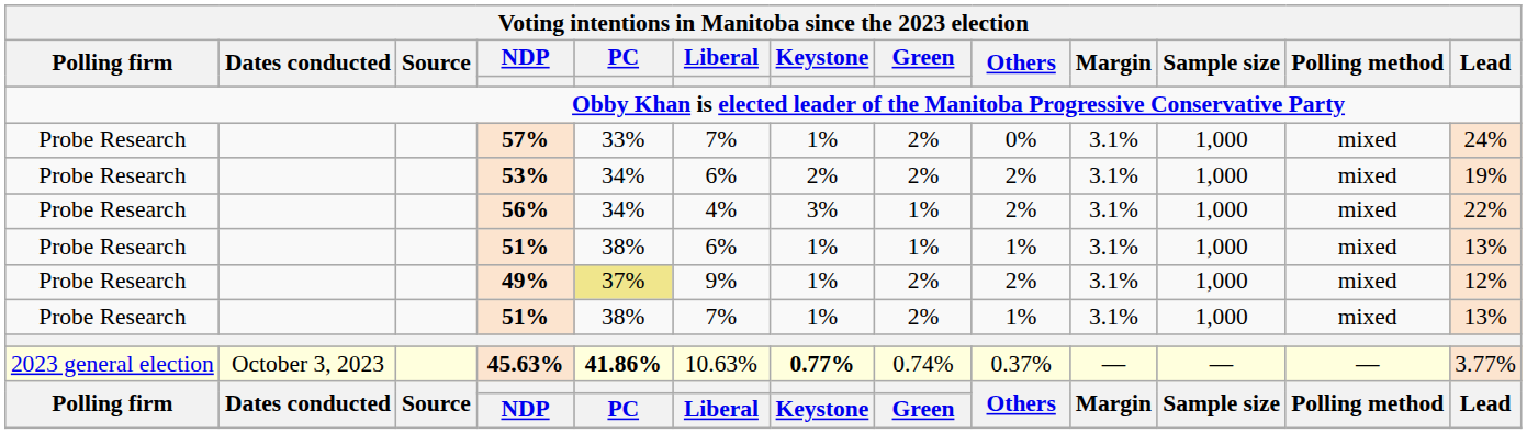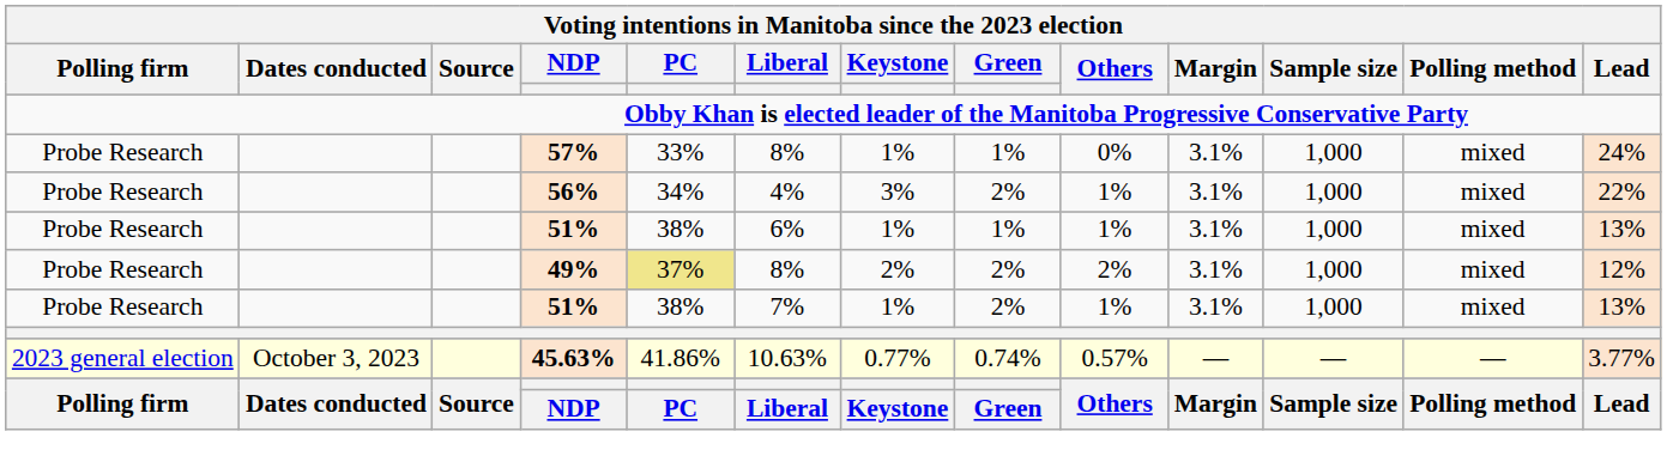 <table class="wikitable sortable tpl-blanktable" style="text-align:center;font-size:85%;line-height:14px">
 <tr>
 <th colspan="13">Voting intentions in Manitoba since the 2023 election</th>
 </tr>
 <tr>
 <th rowspan="2">Polling firm</th>
 <th rowspan="2">Dates conducted</th>
 <th rowspan="2">Source</th>
 <th style="width:50px;" class="unsortable"><a href='#'>NDP</a></th>
 <th style="width:50px;" class="unsortable"><a href='#'>PC</a></th>
 <th style="width:50px;" class="unsortable"><a href='#'>Liberal</a></th>
 <th style="width:50px;" class="unsortable"><a href='#'>Keystone</a></th>
 <th style="width:50px;" class="unsortable"><a href='#'>Green</a></th>
 <th rowspan="2" style="width:50px;"><a href='#'>Others</a></th>
 <th rowspan="2">Margin </th>
 <th rowspan="2">Sample size</th>
 <th rowspan="2">Polling method</th>
 <th rowspan="2" style="width:20px;">Lead</th>
 </tr>
 <tr>
 <th style="background:"></th>
 <th style="background:"></th>
 <th style="background:"></th>
 <th style="background:"></th>
 <th style="background:"></th>
 </tr>
 <tr>
 <td style="border-right-style:hidden;"></td>
 <td style="border-right-style:hidden;"><strong></strong></td>
 <td colspan="11"><strong><a href='#'>Obby Khan</a> is <a href='#'>elected leader of the Manitoba Progressive Conservative Party</a></strong></td>
 </tr>
 <tr>
 <td>Probe Research</td>
 <td></td>
 <td></td>
 <td style="background:#FCE4CF;"><strong>57%</strong></td>
 <td>33%</td>
-<td>7%</td>
+<td>8%</td>
 <td>1%</td>
-<td>2%</td>
+<td>1%</td>
 <td>0%</td>
 <td>3.1%</td>
 <td>1,000</td>
 <td>mixed</td>
 <td style="background:#FCE4CF;">24%</td>
 </tr>
 <tr>
 <td>Probe Research</td>
 <td></td>
 <td></td>
-<td style="background:#FCE4CF;"><strong>53%</strong></td>
-<td>34%</td>
-<td>6%</td>
-<td>2%</td>
-<td>2%</td>
-<td>2%</td>
-<td>3.1%</td>
-<td>1,000</td>
-<td>mixed</td>
-<td style="background:#FCE4CF;">19%</td>
-</tr>
-<tr>
-<td>Probe Research</td>
-<td></td>
-<td></td>
 <td style="background:#FCE4CF;"><strong>56%</strong></td>
 <td>34%</td>
 <td>4%</td>
 <td>3%</td>
+<td>2%</td>
 <td>1%</td>
-<td>2%</td>
 <td>3.1%</td>
 <td>1,000</td>
 <td>mixed</td>
 <td style="background:#FCE4CF;">22%</td>
 </tr>
 <tr>
 <td>Probe Research</td>
 <td></td>
 <td></td>
 <td style="background:#FCE4CF;"><strong>51%</strong></td>
 <td>38%</td>
 <td>6%</td>
 <td>1%</td>
 <td>1%</td>
 <td>1%</td>
 <td>3.1%</td>
 <td>1,000</td>
 <td>mixed</td>
 <td style="background:#FCE4CF;">13%</td>
 </tr>
 <tr>
 <td>Probe Research</td>
 <td></td>
 <td></td>
 <td style="background:#FCE4CF;"><strong>49%</strong></td>
 <td style="background: khaki;">37%</td>
-<td>9%</td>
-<td>1%</td>
+<td>8%</td>
+<td>2%</td>
 <td>2%</td>
 <td>2%</td>
 <td>3.1%</td>
 <td>1,000</td>
 <td>mixed</td>
 <td style="background:#FCE4CF;">12%</td>
 </tr>
 <tr>
 <td>Probe Research</td>
 <td></td>
 <td></td>
 <td style="background:#FCE4CF;"><strong>51%</strong></td>
 <td>38%</td>
 <td>7%</td>
 <td>1%</td>
 <td>2%</td>
 <td>1%</td>
 <td>3.1%</td>
 <td>1,000</td>
 <td>mixed</td>
 <td style="background:#FCE4CF;">13%</td>
 </tr>
 <tr>
 <th colspan="13"></th>
 </tr>
 <tr style="background:#ffd;">
 <td><a href='#'>2023 general election</a></td>
 <td data-sort-value="2023-10-03">October 3, 2023</td>
 <td></td>
 <td style="background:#FCE4CF;"><strong>45.63%</strong></td>
-<td><strong>41.86%</strong></td>
+<td>41.86%</td>
 <td>10.63%</td>
-<td><strong>0.77%</strong></td>
+<td>0.77%</td>
 <td>0.74%</td>
-<td>0.37%</td>
+<td>0.57%</td>
 <td>—</td>
 <td>—</td>
 <td>—</td>
 <td style="background:#FCE4CF;">3.77%</td>
 </tr>
 <tr>
 <th rowspan="2">Polling firm</th>
 <th rowspan="2">Dates conducted</th>
 <th rowspan="2">Source</th>
 <th style="background:"></th>
 <th style="background:"></th>
 <th style="background:"></th>
 <th style="background:"></th>
 <th style="background:"></th>
 <th rowspan="2"><a href='#'>Others</a></th>
 <th rowspan="2">Margin </th>
 <th rowspan="2">Sample size</th>
 <th rowspan="2">Polling method</th>
 <th rowspan="2">Lead</th>
 </tr>
 <tr>
 <th><a href='#'>NDP</a></th>
 <th><a href='#'>PC</a></th>
 <th><a href='#'>Liberal</a></th>
 <th><a href='#'>Keystone</a></th>
 <th><a href='#'>Green</a></th>
 </tr>
 </table>
